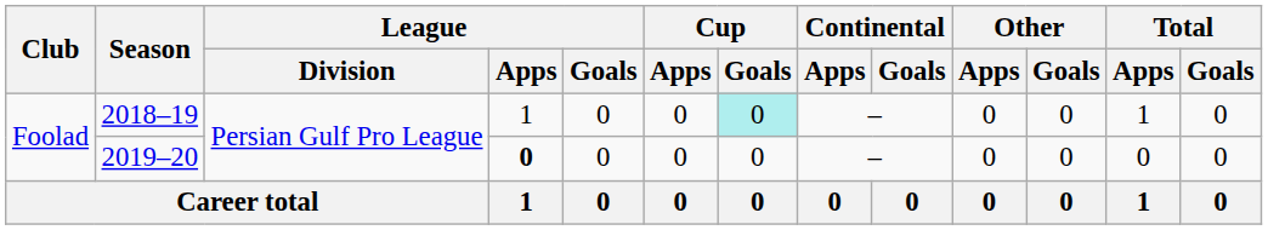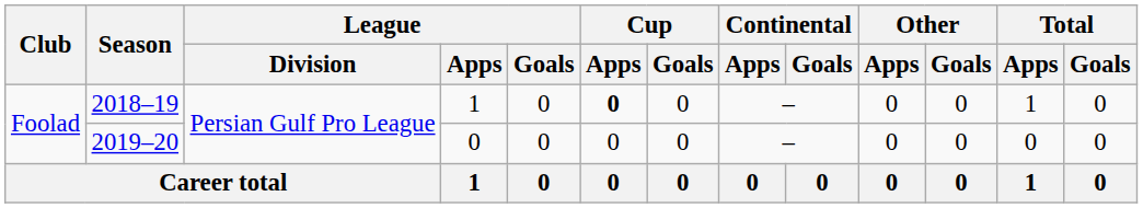 <table class="wikitable" style="text-align: center">
 <tr>
 <th rowspan="2">Club</th>
 <th rowspan="2">Season</th>
 <th colspan="3">League</th>
 <th colspan="2">Cup</th>
 <th colspan="2">Continental</th>
 <th colspan="2">Other</th>
 <th colspan="2">Total</th>
 </tr>
 <tr>
 <th>Division</th>
 <th>Apps</th>
 <th>Goals</th>
 <th>Apps</th>
 <th>Goals</th>
 <th>Apps</th>
 <th>Goals</th>
 <th>Apps</th>
 <th>Goals</th>
 <th>Apps</th>
 <th>Goals</th>
 </tr>
 <tr>
 <td rowspan="2"><a href='#'>Foolad</a></td>
 <td><a href='#'>2018–19</a></td>
 <td rowspan="2"><a href='#'>Persian Gulf Pro League</a></td>
 <td>1</td>
 <td>0</td>
+<td><strong>0</strong></td>
 <td>0</td>
-<td style="background: paleturquoise;">0</td>
 <td colspan="2">–</td>
 <td>0</td>
 <td>0</td>
 <td>1</td>
 <td>0</td>
 </tr>
 <tr>
 <td><a href='#'>2019–20</a></td>
-<td><strong>0</strong></td>
+<td>0</td>
 <td>0</td>
 <td>0</td>
 <td>0</td>
 <td colspan="2">–</td>
 <td>0</td>
 <td>0</td>
 <td>0</td>
 <td>0</td>
 </tr>
 <tr>
 <th colspan=3>Career total</th>
 <th>1</th>
 <th>0</th>
 <th>0</th>
 <th>0</th>
 <th>0</th>
 <th>0</th>
 <th>0</th>
 <th>0</th>
 <th>1</th>
 <th>0</th>
 </tr>
 </table>
